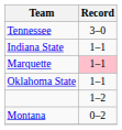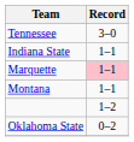 <table class="wikitable" style="text-align:center">
 <tr>
 <th>Team</th>
 <th>Record</th>
 </tr>
 <tr>
 <td align=left><a href='#'>Tennessee</a></td>
 <td>3–0</td>
 </tr>
 <tr>
 <td align=left><a href='#'>Indiana State</a></td>
 <td>1–1</td>
 </tr>
 <tr>
 <td align=left><a href='#'>Marquette</a></td>
 <td style="background: pink;">1–1</td>
 </tr>
 <tr>
-<td align=left><a href='#'>Oklahoma State</a></td>
+<td align=left><a href='#'>Montana</a></td>
 <td>1–1</td>
 </tr>
 <tr>
 <td align=left></td>
 <td>1–2</td>
 </tr>
 <tr>
-<td align=left><a href='#'>Montana</a></td>
+<td align=left><a href='#'>Oklahoma State</a></td>
 <td>0–2</td>
 </tr>
 <tr>
 </tr>
 </table>
